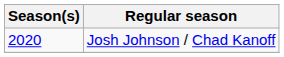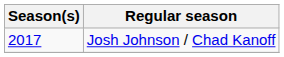 <table class="wikitable">
 <tr>
 <th>Season(s)</th>
 <th>Regular season</th>
 </tr>
 <tr>
-<td><a href='#'>2020</a></td>
+<td><a href='#'>2017</a></td>
 <td><a href='#'>Josh Johnson</a>  / <a href='#'>Chad Kanoff</a> </td>
 </tr>
 <tr>
 </tr>
 </table>
